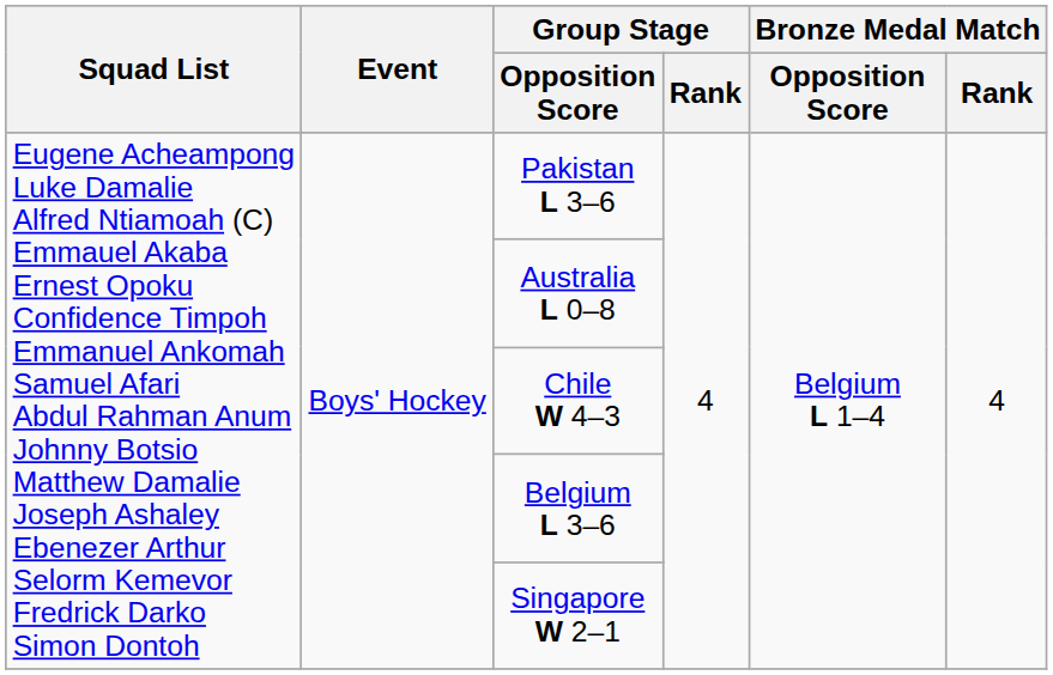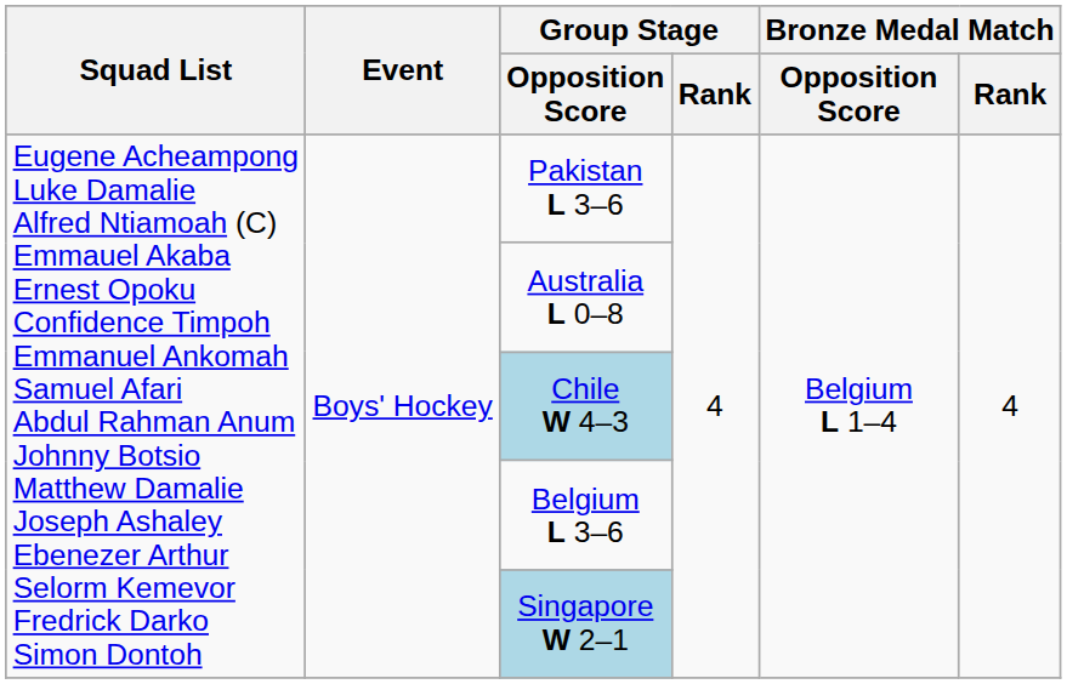 <table class=wikitable style="font-size:90%">
 <tr>
 <th rowspan=2>Squad List</th>
 <th rowspan=2>Event</th>
 <th colspan=2>Group Stage</th>
 <th colspan=2>Bronze Medal Match</th>
 </tr>
 <tr>
 <th>Opposition<br>Score</th>
 <th>Rank</th>
 <th>Opposition<br>Score</th>
 <th>Rank</th>
 </tr>
 <tr>
 <td rowspan=5><a href='#'>Eugene Acheampong</a><br><a href='#'>Luke Damalie</a><br><a href='#'>Alfred Ntiamoah</a> (C)<br><a href='#'>Emmauel Akaba</a><br><a href='#'>Ernest Opoku</a><br><a href='#'>Confidence Timpoh</a><br><a href='#'>Emmanuel Ankomah</a><br><a href='#'>Samuel Afari</a><br><a href='#'>Abdul Rahman Anum</a><br><a href='#'>Johnny Botsio</a><br><a href='#'>Matthew Damalie</a><br><a href='#'>Joseph Ashaley</a><br><a href='#'>Ebenezer Arthur</a><br><a href='#'>Selorm Kemevor</a><br><a href='#'>Fredrick Darko</a><br><a href='#'>Simon Dontoh</a></td>
 <td rowspan=5><a href='#'>Boys' Hockey</a></td>
 <td align=center> <a href='#'>Pakistan</a><br> <strong>L</strong> 3–6</td>
 <td rowspan=5 align=center>4</td>
 <td rowspan=5 align=center> <a href='#'>Belgium</a><br> <strong>L</strong> 1–4</td>
 <td rowspan=5 align=center>4</td>
 </tr>
 <tr>
 <td align=center> <a href='#'>Australia</a><br> <strong>L</strong> 0–8</td>
 </tr>
 <tr>
-<td align=center> <a href='#'>Chile</a><br> <strong>W</strong> 4–3</td>
+<td align=center style="background: lightblue;"> <a href='#'>Chile</a><br> <strong>W</strong> 4–3</td>
 </tr>
 <tr>
 <td align=center> <a href='#'>Belgium</a><br> <strong>L</strong> 3–6</td>
 </tr>
 <tr>
-<td align=center> <a href='#'>Singapore</a><br> <strong>W</strong> 2–1</td>
+<td align=center style="background: lightblue;"> <a href='#'>Singapore</a><br> <strong>W</strong> 2–1</td>
 </tr>
 </table>
